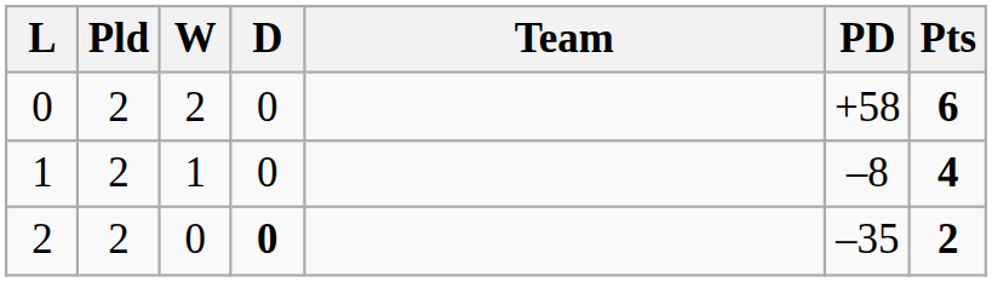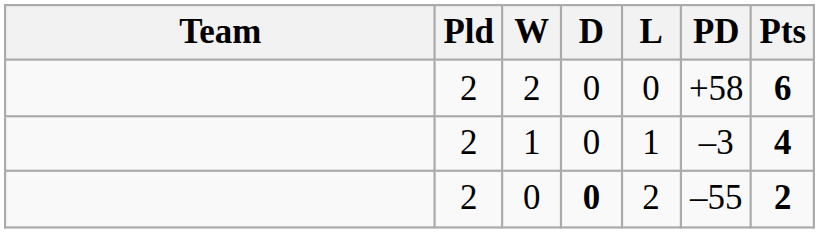 <table class="wikitable" style="text-align:center;">
 <tr>
-<th width="20" abbr="Lost">L</th>
+<th width="190">Team</th>
 <th width="20" abbr="Played">Pld</th>
 <th width="20" abbr="Won">W</th>
 <th width="20" abbr="Drawn">D</th>
-<th width="190">Team</th>
+<th width="20" abbr="Lost">L</th>
 <th width="25" abbr="Points difference">PD</th>
 <th width="20" abbr="Points">Pts</th>
 </tr>
 <tr>
-<td>0</td>
+<td align="left"></td>
 <td>2</td>
 <td>2</td>
 <td>0</td>
-<td align="left"></td>
+<td>0</td>
 <td>+58</td>
 <td><strong>6</strong></td>
 </tr>
 <tr>
-<td>1</td>
+<td align="left"></td>
 <td>2</td>
 <td>1</td>
 <td>0</td>
-<td align="left"></td>
-<td>–8</td>
+<td>1</td>
+<td>–3</td>
 <td><strong>4</strong></td>
 </tr>
 <tr>
-<td>2</td>
+<td align="left"></td>
 <td>2</td>
 <td>0</td>
 <td><strong>0</strong></td>
-<td align="left"></td>
-<td>–35</td>
+<td>2</td>
+<td>–55</td>
 <td><strong>2</strong></td>
 </tr>
 </table>
